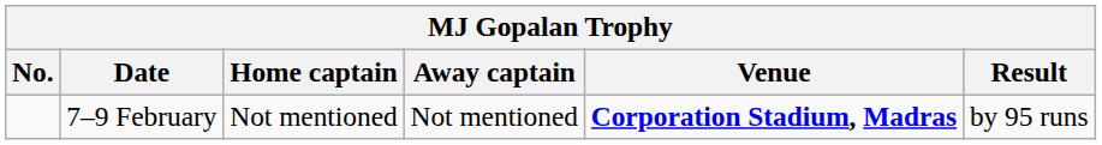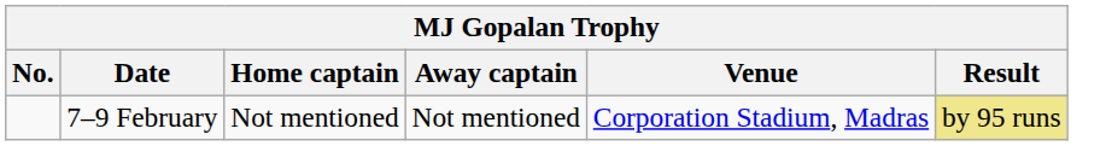 <table class="wikitable">
 <tr>
 <th colspan="9">MJ Gopalan Trophy</th>
 </tr>
 <tr>
 <th>No.</th>
 <th>Date</th>
 <th>Home captain</th>
 <th>Away captain</th>
 <th>Venue</th>
 <th>Result</th>
 </tr>
 <tr>
 <td></td>
 <td>7–9 February</td>
 <td>Not mentioned</td>
 <td>Not mentioned</td>
-<td><strong><a href='#'>Corporation Stadium</a>, <a href='#'>Madras</a></strong></td>
-<td> by 95 runs</td>
+<td><a href='#'>Corporation Stadium</a>, <a href='#'>Madras</a></td>
+<td style="background: khaki;"> by 95 runs</td>
 </tr>
 </table>
